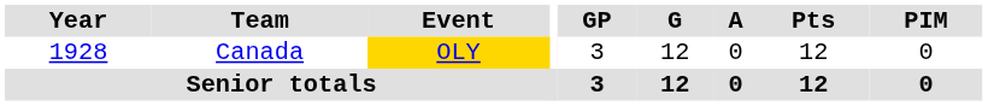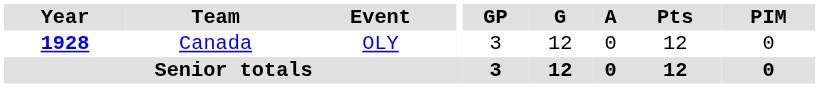 <table border="0" cellpadding="1" cellspacing="0" ID="Table3" style="text-align:center; width:40em">
 <tr bgcolor="#e0e0e0">
 <th>Year</th>
 <th>Team</th>
 <th>Event</th>
 <th rowspan="102" bgcolor="#ffffff"></th>
 <th>GP</th>
 <th>G</th>
 <th>A</th>
 <th>Pts</th>
 <th>PIM</th>
 </tr>
 <tr>
-<td><a href='#'>1928</a></td>
+<td><strong><a href='#'>1928</a></strong></td>
 <td><a href='#'>Canada</a></td>
-<td style="background: gold;"><a href='#'>OLY</a></td>
+<td><a href='#'>OLY</a></td>
 <td>3</td>
 <td>12</td>
 <td>0</td>
 <td>12</td>
 <td>0</td>
 </tr>
 <tr bgcolor="#e0e0e0">
 <th colspan="4">Senior totals</th>
 <th>3</th>
 <th>12</th>
 <th>0</th>
 <th>12</th>
 <th>0</th>
 </tr>
 </table>
